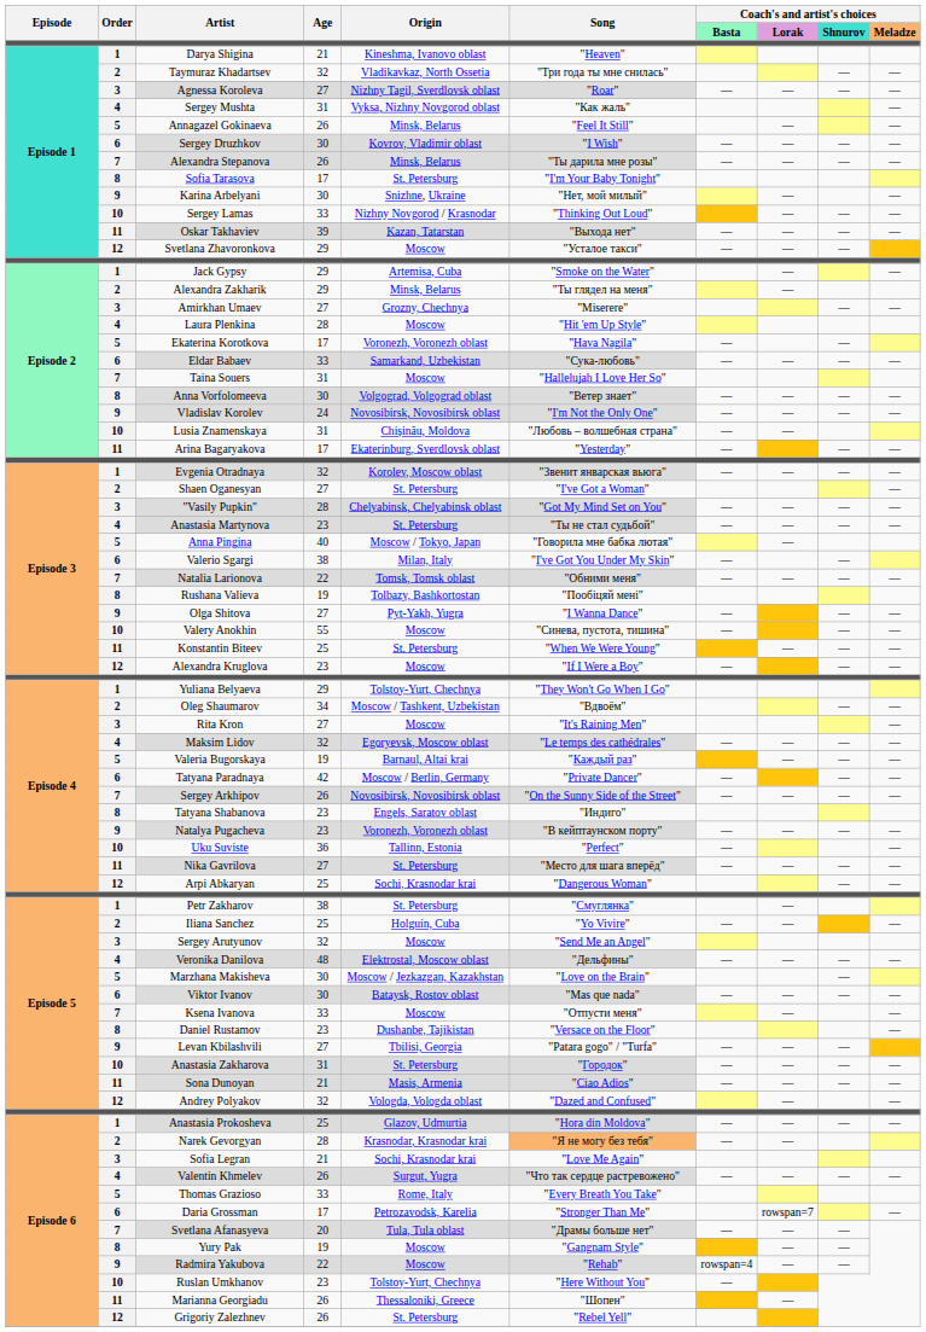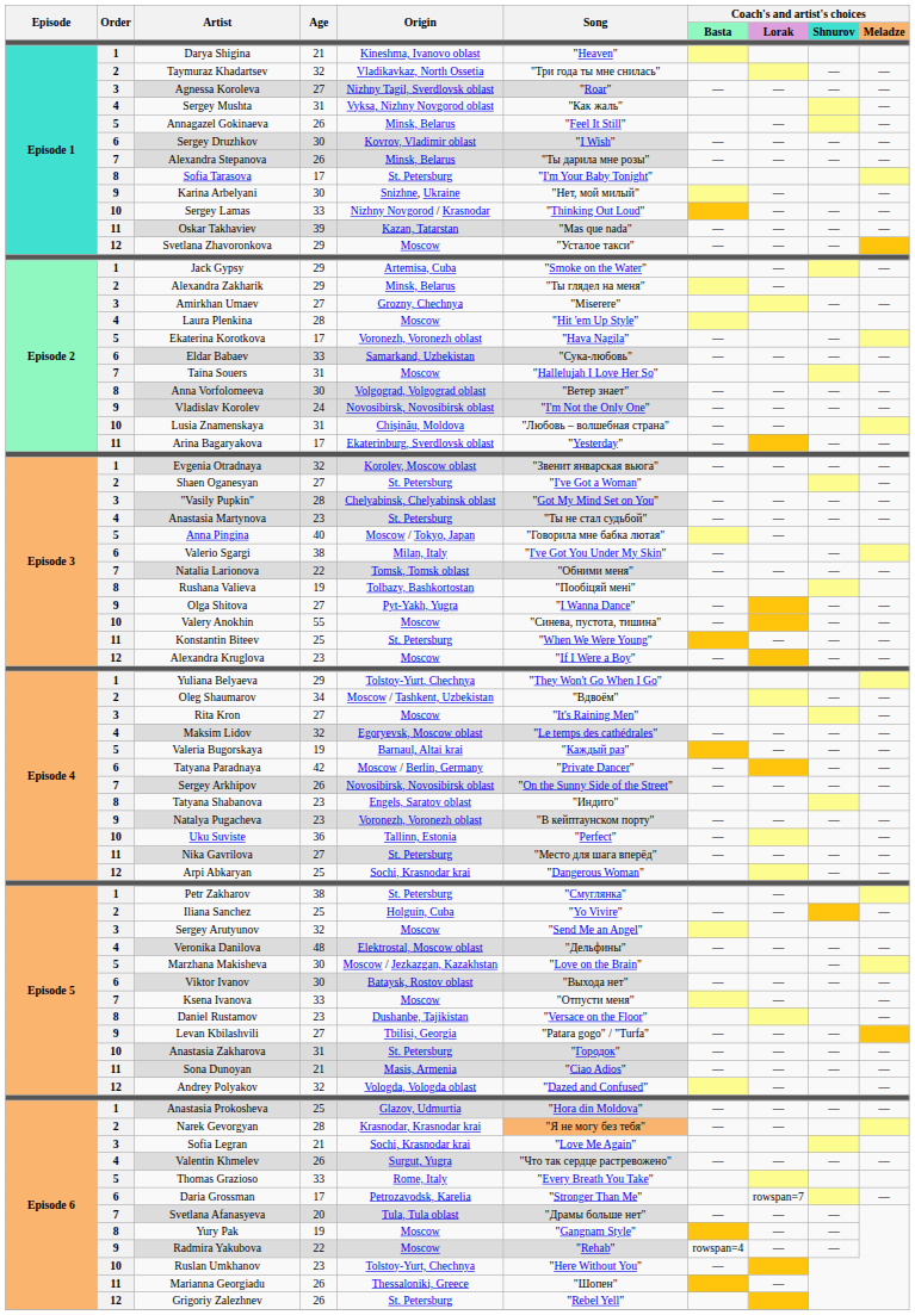 <table class="wikitable" style="text-align:center; line-height:17px; width:100%;">
 <tr>
 <th scope="col" rowspan=2 style="width:10%">Episode</th>
 <th scope="col" rowspan=2 style="width:04%;">Order</th>
 <th scope="col" rowspan=2 style="width:18%;">Artist</th>
 <th scope="col" rowspan=2 style="width:04%;">Age</th>
 <th scope="col" rowspan=2 style="width:18%;">Origin</th>
 <th scope="col" rowspan=2 style="width:20%;">Song</th>
 <th scope="col" colspan=4 style="width:24%;">Coach's and artist's choices</th>
 </tr>
 <tr>
 <th style="background:#8ff7c0;">Basta</th>
 <th style="background:#dda0dd;">Lorak</th>
 <th style="background:turquoise;">Shnurov</th>
 <th style="background:#fbb46e;">Meladze</th>
 </tr>
 <tr>
 <td colspan="10" style="background:#555"></td>
 </tr>
 <tr>
 <td rowspan="12"  style="background:turquoise;"><strong>Episode 1</strong> <br></td>
 <th>1</th>
 <td>Darya Shigina</td>
 <td>21</td>
 <td><a href='#'>Kineshma, Ivanovo oblast</a></td>
 <td>"<a href='#'>Heaven</a>"</td>
 <td style="background:#fdfc8f;"><strong></strong></td>
 <td><strong></strong></td>
 <td><strong></strong></td>
 <td><strong></strong></td>
 </tr>
 <tr>
 <th>2</th>
 <td>Taymuraz Khadartsev</td>
 <td>32</td>
 <td><a href='#'>Vladikavkaz, North Ossetia</a></td>
 <td>"Три года ты мне снилась"</td>
 <td><strong></strong></td>
 <td style="background:#fdfc8f;"><strong></strong></td>
 <td>—</td>
 <td>—</td>
 </tr>
 <tr>
 <th>3</th>
 <td style="background:#DCDCDC;">Agnessa Koroleva</td>
 <td style="background:#DCDCDC;">27</td>
 <td style="background:#DCDCDC;"><a href='#'>Nizhny Tagil, Sverdlovsk oblast</a></td>
 <td style="background:#DCDCDC;">"<a href='#'>Roar</a>"</td>
 <td>—</td>
 <td>—</td>
 <td>—</td>
 <td>—</td>
 </tr>
 <tr>
 <th>4</th>
 <td>Sergey Mushta</td>
 <td>31</td>
 <td><a href='#'>Vyksa, Nizhny Novgorod oblast</a></td>
 <td>"Как жаль"</td>
 <td><strong></strong></td>
 <td><strong></strong></td>
 <td style="background:#fdfc8f;"><strong></strong></td>
 <td>—</td>
 </tr>
 <tr>
 <th>5</th>
 <td>Annagazel Gokinaeva</td>
 <td>26</td>
 <td><a href='#'>Minsk, Belarus</a></td>
 <td>"<a href='#'>Feel It Still</a>"</td>
 <td><strong></strong></td>
 <td>—</td>
 <td style="background:#fdfc8f;"><strong></strong></td>
 <td>—</td>
 </tr>
 <tr>
 <th>6</th>
 <td style="background:#DCDCDC;">Sergey Druzhkov</td>
 <td style="background:#DCDCDC;">30</td>
 <td style="background:#DCDCDC;"><a href='#'>Kovrov, Vladimir oblast</a></td>
 <td style="background:#DCDCDC;">"<a href='#'>I Wish</a>"</td>
 <td>—</td>
 <td>—</td>
 <td>—</td>
 <td>—</td>
 </tr>
 <tr>
 <th>7</th>
 <td style="background:#DCDCDC;">Alexandra Stepanova</td>
 <td style="background:#DCDCDC;">26</td>
 <td style="background:#DCDCDC;"><a href='#'>Minsk, Belarus</a></td>
 <td style="background:#DCDCDC;">"Ты дарила мне розы"</td>
 <td>—</td>
 <td>—</td>
 <td>—</td>
 <td>—</td>
 </tr>
 <tr>
 <th>8</th>
 <td><a href='#'>Sofia Tarasova</a></td>
 <td>17</td>
 <td><a href='#'>St. Petersburg</a></td>
 <td>"<a href='#'>I'm Your Baby Tonight</a>"</td>
 <td><strong></strong></td>
 <td><strong></strong></td>
 <td><strong></strong></td>
 <td style="background:#fdfc8f;"><strong></strong></td>
 </tr>
 <tr>
 <th>9</th>
 <td>Karina Arbelyani</td>
 <td>30</td>
 <td><a href='#'>Snizhne</a>, <a href='#'>Ukraine</a></td>
 <td>"Нет, мой милый"</td>
 <td style="background:#fdfc8f;"><strong></strong></td>
 <td>—</td>
 <td><strong></strong></td>
 <td>—</td>
 </tr>
 <tr>
 <th>10</th>
 <td>Sergey Lamas</td>
 <td>33</td>
 <td><a href='#'>Nizhny Novgorod</a> / <a href='#'>Krasnodar</a></td>
 <td>"<a href='#'>Thinking Out Loud</a>"</td>
 <td style="background:#FFC40C;"><strong></strong></td>
 <td>—</td>
 <td>—</td>
 <td>—</td>
 </tr>
 <tr>
 <th>11</th>
 <td style="background:#DCDCDC;">Oskar Takhaviev</td>
 <td style="background:#DCDCDC;">39</td>
 <td style="background:#DCDCDC;"><a href='#'>Kazan, Tatarstan</a></td>
-<td style="background:#DCDCDC;">"Выхода нет"</td>
+<td style="background:#DCDCDC;">"Mas que nada"</td>
 <td>—</td>
 <td>—</td>
 <td>—</td>
 <td>—</td>
 </tr>
 <tr>
 <th>12</th>
 <td>Svetlana Zhavoronkova</td>
 <td>29</td>
 <td><a href='#'>Moscow</a></td>
 <td>"Усталое такси"</td>
 <td>—</td>
 <td>—</td>
 <td>—</td>
 <td style="background:#FFC40C;"><strong></strong></td>
 </tr>
 <tr>
 <td colspan="10" style="background:#555"></td>
 </tr>
 <tr>
 <td rowspan="11" style="background:#8ff7c0;"><strong>Episode 2</strong> <br></td>
 <th>1</th>
 <td>Jack Gypsy</td>
 <td>29</td>
 <td><a href='#'>Artemisa, Cuba</a></td>
 <td>"<a href='#'>Smoke on the Water</a>"</td>
 <td><strong></strong></td>
 <td>—</td>
 <td style="background:#fdfc8f;"><strong></strong></td>
 <td>—</td>
 </tr>
 <tr>
 <th>2</th>
 <td>Alexandra Zakharik</td>
 <td>29</td>
 <td><a href='#'>Minsk, Belarus</a></td>
 <td>"Ты глядел на меня"</td>
 <td style="background:#fdfc8f;"><strong></strong></td>
 <td>—</td>
 <td><strong></strong></td>
 <td><strong></strong></td>
 </tr>
 <tr>
 <th>3</th>
 <td>Amirkhan Umaev</td>
 <td>27</td>
 <td><a href='#'>Grozny, Chechnya</a></td>
 <td>"Miserere"</td>
 <td><strong></strong></td>
 <td style="background:#fdfc8f;"><strong></strong></td>
 <td>—</td>
 <td>—</td>
 </tr>
 <tr>
 <th>4</th>
 <td>Laura Plenkina</td>
 <td>28</td>
 <td><a href='#'>Moscow</a></td>
 <td>"<a href='#'>Hit 'em Up Style</a>"</td>
 <td style="background:#fdfc8f;"><strong></strong></td>
 <td><strong></strong></td>
 <td><strong></strong></td>
 <td><strong></strong></td>
 </tr>
 <tr>
 <th>5</th>
 <td>Ekaterina Korotkova</td>
 <td>17</td>
 <td><a href='#'>Voronezh, Voronezh oblast</a></td>
 <td>"<a href='#'>Hava Nagila</a>"</td>
 <td>—</td>
 <td><strong></strong></td>
 <td>—</td>
 <td style="background:#fdfc8f;"><strong></strong></td>
 </tr>
 <tr>
 <th>6</th>
 <td style="background:#DCDCDC;">Eldar Babaev</td>
 <td style="background:#DCDCDC;">33</td>
 <td style="background:#DCDCDC;"><a href='#'>Samarkand, Uzbekistan</a></td>
 <td style="background:#DCDCDC;">"Сука-любовь"</td>
 <td>—</td>
 <td>—</td>
 <td>—</td>
 <td>—</td>
 </tr>
 <tr>
 <th>7</th>
 <td>Taina Souers</td>
 <td>31</td>
 <td><a href='#'>Moscow</a></td>
 <td>"<a href='#'>Hallelujah I Love Her So</a>"</td>
 <td><strong></strong></td>
 <td><strong></strong></td>
 <td style="background:#fdfc8f;"><strong></strong></td>
 <td><strong></strong></td>
 </tr>
 <tr>
 <th>8</th>
 <td style="background:#DCDCDC;">Anna Vorfolomeeva</td>
 <td style="background:#DCDCDC;">30</td>
 <td style="background:#DCDCDC;"><a href='#'>Volgograd, Volgograd oblast</a></td>
 <td style="background:#DCDCDC;">"Ветер знает"</td>
 <td>—</td>
 <td>—</td>
 <td>—</td>
 <td>—</td>
 </tr>
 <tr>
 <th>9</th>
 <td style="background:#DCDCDC;">Vladislav Korolev</td>
 <td style="background:#DCDCDC;">24</td>
 <td style="background:#DCDCDC;"><a href='#'>Novosibirsk, Novosibirsk oblast</a></td>
 <td style="background:#DCDCDC;">"<a href='#'>I'm Not the Only One</a>"</td>
 <td>—</td>
 <td>—</td>
 <td>—</td>
 <td>—</td>
 </tr>
 <tr>
 <th>10</th>
 <td>Lusia Znamenskaya</td>
 <td>31</td>
 <td><a href='#'>Chișinău, Moldova</a></td>
 <td>"Любовь – волшебная страна"</td>
 <td>—</td>
 <td>—</td>
 <td><strong></strong></td>
 <td style="background:#fdfc8f;"><strong></strong></td>
 </tr>
 <tr>
 <th>11</th>
 <td>Arina Bagaryakova</td>
 <td>17</td>
 <td><a href='#'>Ekaterinburg, Sverdlovsk oblast</a></td>
 <td>"<a href='#'>Yesterday</a>"</td>
 <td>—</td>
 <td style="background:#FFC40C;"><strong></strong></td>
 <td>—</td>
 <td>—</td>
 </tr>
 <tr>
 <td colspan="10" style="background:#555"></td>
 </tr>
 <tr>
 <td rowspan="12" style="background:#fbb46e;"><strong>Episode 3</strong> <br></td>
 <th>1</th>
 <td style="background:#DCDCDC;">Evgenia Otradnaya</td>
 <td style="background:#DCDCDC;">32</td>
 <td style="background:#DCDCDC;"><a href='#'>Korolev, Moscow oblast</a></td>
 <td style="background:#DCDCDC;">"Звенит январская вьюга"</td>
 <td>—</td>
 <td>—</td>
 <td>—</td>
 <td>—</td>
 </tr>
 <tr>
 <th>2</th>
 <td>Shaen Oganesyan</td>
 <td>27</td>
 <td><a href='#'>St. Petersburg</a></td>
 <td>"<a href='#'>I've Got a Woman</a>"</td>
 <td><strong></strong></td>
 <td><strong></strong></td>
 <td style="background:#fdfc8f;"><strong></strong></td>
 <td>—</td>
 </tr>
 <tr>
 <th>3</th>
 <td style="background:#DCDCDC;">"Vasily Pupkin"</td>
 <td style="background:#DCDCDC;">28</td>
 <td style="background:#DCDCDC;"><a href='#'>Chelyabinsk, Chelyabinsk oblast</a></td>
 <td style="background:#DCDCDC;">"<a href='#'>Got My Mind Set on You</a>"</td>
 <td>—</td>
 <td>—</td>
 <td>—</td>
 <td>—</td>
 </tr>
 <tr>
 <th>4</th>
 <td style="background:#DCDCDC;">Anastasia Martynova</td>
 <td style="background:#DCDCDC;">23</td>
 <td style="background:#DCDCDC;"><a href='#'>St. Petersburg</a></td>
 <td style="background:#DCDCDC;">"Ты не стал судьбой"</td>
 <td>—</td>
 <td>—</td>
 <td>—</td>
 <td>—</td>
 </tr>
 <tr>
 <th>5</th>
 <td><a href='#'>Anna Pingina</a></td>
 <td>40</td>
 <td><a href='#'>Moscow</a> / <a href='#'>Tokyo, Japan</a></td>
 <td>"Говорила мне бабка лютая"</td>
 <td style="background:#fdfc8f;"><strong></strong></td>
 <td>—</td>
 <td><strong></strong></td>
 <td><strong></strong></td>
 </tr>
 <tr>
 <th>6</th>
 <td>Valerio Sgargi</td>
 <td>38</td>
 <td><a href='#'>Milan, Italy</a></td>
 <td>"<a href='#'>I've Got You Under My Skin</a>"</td>
 <td>—</td>
 <td><strong></strong></td>
 <td>—</td>
 <td style="background:#fdfc8f;"><strong></strong></td>
 </tr>
 <tr>
 <th>7</th>
 <td style="background:#DCDCDC;">Natalia Larionova</td>
 <td style="background:#DCDCDC;">22</td>
 <td style="background:#DCDCDC;"><a href='#'>Tomsk, Tomsk oblast</a></td>
 <td style="background:#DCDCDC;">"Обними меня"</td>
 <td>—</td>
 <td>—</td>
 <td>—</td>
 <td>—</td>
 </tr>
 <tr>
 <th>8</th>
 <td>Rushana Valieva</td>
 <td>19</td>
 <td><a href='#'>Tolbazy, Bashkortostan</a></td>
 <td>"Пообiцяй менi"</td>
 <td><strong></strong></td>
 <td><strong></strong></td>
 <td style="background:#fdfc8f;"><strong></strong></td>
 <td><strong></strong></td>
 </tr>
 <tr>
 <th>9</th>
 <td>Olga Shitova</td>
 <td>27</td>
 <td><a href='#'>Pyt-Yakh, Yugra</a></td>
 <td>"<a href='#'>I Wanna Dance</a>"</td>
 <td>—</td>
 <td style="background:#FFC40C;"><strong></strong></td>
 <td>—</td>
 <td>—</td>
 </tr>
 <tr>
 <th>10</th>
 <td>Valery Anokhin</td>
 <td>55</td>
 <td><a href='#'>Moscow</a></td>
 <td>"Синева, пустота, тишина"</td>
 <td>—</td>
 <td style="background:#FFC40C;"><strong></strong></td>
 <td>—</td>
 <td>—</td>
 </tr>
 <tr>
 <th>11</th>
 <td>Konstantin Biteev</td>
 <td>25</td>
 <td><a href='#'>St. Petersburg</a></td>
 <td>"<a href='#'>When We Were Young</a>"</td>
 <td style="background:#FFC40C;"><strong></strong></td>
 <td>—</td>
 <td>—</td>
 <td>—</td>
 </tr>
 <tr>
 <th>12</th>
 <td>Alexandra Kruglova</td>
 <td>23</td>
 <td><a href='#'>Moscow</a></td>
 <td>"<a href='#'>If I Were a Boy</a>"</td>
 <td>—</td>
 <td style="background:#FFC40C;"><strong></strong></td>
 <td>—</td>
 <td>—</td>
 </tr>
 <tr>
 <td colspan="10" style="background:#555"></td>
 </tr>
 <tr>
 <td rowspan="12" style="background:#fbb46e;"><strong>Episode 4</strong> <br></td>
 <th>1</th>
 <td>Yuliana Belyaeva</td>
 <td>29</td>
 <td><a href='#'>Tolstoy-Yurt, Chechnya</a></td>
 <td>"<a href='#'>They Won't Go When I Go</a>"</td>
 <td><strong></strong></td>
 <td><strong></strong></td>
 <td><strong></strong></td>
 <td style="background:#fdfc8f;"><strong></strong></td>
 </tr>
 <tr>
 <th>2</th>
 <td>Oleg Shaumarov</td>
 <td>34</td>
 <td><a href='#'>Moscow</a> / <a href='#'>Tashkent, Uzbekistan</a></td>
 <td>"Вдвоём"</td>
 <td><strong></strong></td>
 <td style="background:#fdfc8f;"><strong></strong></td>
 <td>—</td>
 <td>—</td>
 </tr>
 <tr>
 <th>3</th>
 <td>Rita Kron</td>
 <td>27</td>
 <td><a href='#'>Moscow</a></td>
 <td>"<a href='#'>It's Raining Men</a>"</td>
 <td><strong></strong></td>
 <td><strong></strong></td>
 <td style="background:#fdfc8f;"><strong></strong></td>
 <td>—</td>
 </tr>
 <tr>
 <th>4</th>
 <td style="background:#DCDCDC;">Maksim Lidov</td>
 <td style="background:#DCDCDC;">32</td>
 <td style="background:#DCDCDC;"><a href='#'>Egoryevsk, Moscow oblast</a></td>
 <td style="background:#DCDCDC;">"<a href='#'>Le temps des cathédrales</a>"</td>
 <td>—</td>
 <td>—</td>
 <td>—</td>
 <td>—</td>
 </tr>
 <tr>
 <th>5</th>
 <td>Valeria Bugorskaya</td>
 <td>19</td>
 <td><a href='#'>Barnaul, Altai krai</a></td>
 <td>"<a href='#'>Каждый раз</a>"</td>
 <td style="background:#FFC40C;"><strong></strong></td>
 <td>—</td>
 <td>—</td>
 <td>—</td>
 </tr>
 <tr>
 <th>6</th>
 <td>Tatyana Paradnaya</td>
 <td>42</td>
 <td><a href='#'>Moscow</a> / <a href='#'>Berlin, Germany</a></td>
 <td>"<a href='#'>Private Dancer</a>"</td>
 <td>—</td>
 <td style="background:#FFC40C;"><strong></strong></td>
 <td>—</td>
 <td>—</td>
 </tr>
 <tr>
 <th>7</th>
 <td style="background:#DCDCDC;">Sergey Arkhipov</td>
 <td style="background:#DCDCDC;">26</td>
 <td style="background:#DCDCDC;"><a href='#'>Novosibirsk, Novosibirsk oblast</a></td>
 <td style="background:#DCDCDC;">"<a href='#'>On the Sunny Side of the Street</a>"</td>
 <td>—</td>
 <td>—</td>
 <td>—</td>
 <td>—</td>
 </tr>
 <tr>
 <th>8</th>
 <td>Tatyana Shabanova</td>
 <td>23</td>
 <td><a href='#'>Engels, Saratov oblast</a></td>
 <td>"Индиго"</td>
 <td><strong></strong></td>
 <td><strong></strong></td>
 <td style="background:#fdfc8f;"><strong></strong></td>
 <td><strong></strong></td>
 </tr>
 <tr>
 <th>9</th>
 <td style="background:#DCDCDC;">Natalya Pugacheva</td>
 <td style="background:#DCDCDC;">23</td>
 <td style="background:#DCDCDC;"><a href='#'>Voronezh, Voronezh oblast</a></td>
 <td style="background:#DCDCDC;">"В кейптаунском порту"</td>
 <td>—</td>
 <td>—</td>
 <td>—</td>
 <td>—</td>
 </tr>
 <tr>
 <th>10</th>
 <td><a href='#'>Uku Suviste</a></td>
 <td>36</td>
 <td><a href='#'>Tallinn, Estonia</a></td>
 <td>"<a href='#'>Perfect</a>"</td>
 <td>—</td>
 <td style="background:#fdfc8f;"><strong></strong></td>
 <td><strong></strong></td>
 <td>—</td>
 </tr>
 <tr>
 <th>11</th>
 <td style="background:#DCDCDC;">Nika Gavrilova</td>
 <td style="background:#DCDCDC;">27</td>
 <td style="background:#DCDCDC;"><a href='#'>St. Petersburg</a></td>
 <td style="background:#DCDCDC;">"Место для шага вперёд"</td>
 <td>—</td>
 <td>—</td>
 <td>—</td>
 <td>—</td>
 </tr>
 <tr>
 <th>12</th>
 <td>Arpi Abkaryan</td>
 <td>25</td>
 <td><a href='#'>Sochi, Krasnodar krai</a></td>
 <td>"<a href='#'>Dangerous Woman</a>"</td>
 <td><strong></strong></td>
 <td style="background:#fdfc8f;"><strong></strong></td>
 <td>—</td>
 <td>—</td>
 </tr>
 <tr>
 <td colspan="10" style="background:#555"></td>
 </tr>
 <tr>
 <td rowspan="12" style="background:#fbb46e;"><strong>Episode 5</strong> <br></td>
 <th>1</th>
 <td>Petr Zakharov</td>
 <td>38</td>
 <td><a href='#'>St. Petersburg</a></td>
 <td>"<a href='#'>Смуглянка</a>"</td>
 <td><strong></strong></td>
 <td>—</td>
 <td><strong></strong></td>
 <td style="background:#fdfc8f;"><strong></strong></td>
 </tr>
 <tr>
 <th>2</th>
 <td>Iliana Sanchez</td>
 <td>25</td>
 <td><a href='#'>Holguín, Cuba</a></td>
 <td>"<a href='#'>Yo Vivire</a>"</td>
 <td>—</td>
 <td>—</td>
 <td style="background:#FFC40C;"><strong></strong></td>
 <td>—</td>
 </tr>
 <tr>
 <th>3</th>
 <td>Sergey Arutyunov</td>
 <td>32</td>
 <td><a href='#'>Moscow</a></td>
 <td>"<a href='#'>Send Me an Angel</a>"</td>
 <td style="background:#fdfc8f;"><strong></strong></td>
 <td><strong></strong></td>
 <td><strong></strong></td>
 <td><strong></strong></td>
 </tr>
 <tr>
 <th>4</th>
 <td style="background:#DCDCDC;">Veronika Danilova</td>
 <td style="background:#DCDCDC;">48</td>
 <td style="background:#DCDCDC;"><a href='#'>Elektrostal, Moscow oblast</a></td>
 <td style="background:#DCDCDC;">"Дельфины"</td>
 <td>—</td>
 <td>—</td>
 <td>—</td>
 <td>—</td>
 </tr>
 <tr>
 <th>5</th>
 <td>Marzhana Makisheva</td>
 <td>30</td>
 <td><a href='#'>Moscow</a> / <a href='#'>Jezkazgan, Kazakhstan</a></td>
 <td>"<a href='#'>Love on the Brain</a>"</td>
 <td><strong></strong></td>
 <td><strong></strong></td>
 <td>—</td>
 <td style="background:#fdfc8f;"><strong></strong></td>
 </tr>
 <tr>
 <th>6</th>
 <td style="background:#DCDCDC;">Viktor Ivanov</td>
 <td style="background:#DCDCDC;">30</td>
 <td style="background:#DCDCDC;"><a href='#'>Bataysk, Rostov oblast</a></td>
-<td style="background:#DCDCDC;">"Mas que nada"</td>
+<td style="background:#DCDCDC;">"Выхода нет"</td>
 <td>—</td>
 <td>—</td>
 <td>—</td>
 <td>—</td>
 </tr>
 <tr>
 <th>7</th>
 <td>Ksena Ivanova</td>
 <td>33</td>
 <td><a href='#'>Moscow</a></td>
 <td>"Отпусти меня"</td>
 <td style="background:#fdfc8f;"><strong></strong></td>
 <td>—</td>
 <td><strong></strong></td>
 <td>—</td>
 </tr>
 <tr>
 <th>8</th>
 <td>Daniel Rustamov</td>
 <td>23</td>
 <td><a href='#'>Dushanbe, Tajikistan</a></td>
 <td>"<a href='#'>Versace on the Floor</a>"</td>
 <td><strong></strong></td>
 <td style="background:#fdfc8f;"><strong></strong></td>
 <td><strong></strong></td>
 <td>—</td>
 </tr>
 <tr>
 <th>9</th>
 <td>Levan Kbilashvili</td>
 <td>27</td>
 <td><a href='#'>Tbilisi, Georgia</a></td>
 <td>"Patara gogo" / "Turfa"</td>
 <td>—</td>
 <td>—</td>
 <td>—</td>
 <td style="background:#FFC40C;"><strong></strong></td>
 </tr>
 <tr>
 <th>10</th>
 <td style="background:#DCDCDC;">Anastasia Zakharova</td>
 <td style="background:#DCDCDC;">31</td>
 <td style="background:#DCDCDC;"><a href='#'>St. Petersburg</a></td>
 <td style="background:#DCDCDC;">"<a href='#'>Городок</a>"</td>
 <td>—</td>
 <td>—</td>
 <td>—</td>
 <td>—</td>
 </tr>
 <tr>
 <th>11</th>
 <td style="background:#DCDCDC;">Sona Dunoyan</td>
 <td style="background:#DCDCDC;">21</td>
 <td style="background:#DCDCDC;"><a href='#'>Masis, Armenia</a></td>
 <td style="background:#DCDCDC;">"<a href='#'>Ciao Adios</a>"</td>
 <td>—</td>
 <td>—</td>
 <td>—</td>
 <td>—</td>
 </tr>
 <tr>
 <th>12</th>
 <td>Andrey Polyakov</td>
 <td>32</td>
 <td><a href='#'>Vologda, Vologda oblast</a></td>
 <td>"<a href='#'>Dazed and Confused</a>"</td>
 <td style="background:#fdfc8f;"><strong></strong></td>
 <td>—</td>
 <td><strong></strong></td>
 <td>—</td>
 </tr>
 <tr>
 <td colspan="10" style="background:#555"></td>
 </tr>
 <tr>
 <td rowspan="12" style="background:#fbb46e;"><strong>Episode 6</strong> <br></td>
 <th>1</th>
 <td style="background:#DCDCDC;">Anastasia Prokosheva</td>
 <td style="background:#DCDCDC;">25</td>
 <td style="background:#DCDCDC;"><a href='#'>Glazov, Udmurtia</a></td>
 <td style="background:#DCDCDC;">"<a href='#'>Hora din Moldova</a>"</td>
 <td>—</td>
 <td>—</td>
 <td>—</td>
 <td>—</td>
 </tr>
 <tr>
 <th>2</th>
 <td>Narek Gevorgyan</td>
 <td>28</td>
 <td><a href='#'>Krasnodar, Krasnodar krai</a></td>
 <td style="background:#fbb46e;">"Я не могу без тебя"</td>
 <td>—</td>
 <td>—</td>
 <td><strong></strong></td>
 <td style="background:#fdfc8f;"><strong></strong></td>
 </tr>
 <tr>
 <th>3</th>
 <td>Sofia Legran</td>
 <td>21</td>
 <td><a href='#'>Sochi, Krasnodar krai</a></td>
 <td>"<a href='#'>Love Me Again</a>"</td>
 <td><strong></strong></td>
 <td><strong></strong></td>
 <td style="background:#fdfc8f;"><strong></strong></td>
 <td><strong></strong></td>
 </tr>
 <tr>
 <th>4</th>
 <td style="background:#DCDCDC;">Valentin Khmelev</td>
 <td style="background:#DCDCDC;">26</td>
 <td style="background:#DCDCDC;"><a href='#'>Surgut, Yugra</a></td>
 <td style="background:#DCDCDC;">"Что так сердце растревожено"</td>
 <td>—</td>
 <td>—</td>
 <td>—</td>
 <td>—</td>
 </tr>
 <tr>
 <th>5</th>
 <td>Thomas Grazioso</td>
 <td>33</td>
 <td><a href='#'>Rome, Italy</a></td>
 <td>"<a href='#'>Every Breath You Take</a>"</td>
 <td><strong></strong></td>
 <td style="background:#fdfc8f;"><strong></strong></td>
 <td><strong></strong></td>
 <td><strong></strong></td>
 </tr>
 <tr>
 <th>6</th>
 <td>Daria Grossman</td>
 <td>17</td>
 <td><a href='#'>Petrozavodsk, Karelia</a></td>
 <td>"<a href='#'>Stronger Than Me</a>"</td>
 <td><strong></strong></td>
 <td>rowspan=7 </td>
 <td style="background:#fdfc8f;"><strong></strong></td>
 <td>—</td>
 </tr>
 <tr>
 <th>7</th>
 <td style="background:#DCDCDC;">Svetlana Afanasyeva</td>
 <td style="background:#DCDCDC;">20</td>
 <td style="background:#DCDCDC;"><a href='#'>Tula, Tula oblast</a></td>
 <td style="background:#DCDCDC;">"Драмы больше нет"</td>
 <td>—</td>
 <td>—</td>
 <td>—</td>
 </tr>
 <tr>
 <th>8</th>
 <td>Yury Pak</td>
 <td>19</td>
 <td><a href='#'>Moscow</a></td>
 <td>"<a href='#'>Gangnam Style</a>"</td>
 <td style="background:#FFC40C;"><strong></strong></td>
 <td>—</td>
 <td>—</td>
 </tr>
 <tr>
 <th>9</th>
 <td style="background:#DCDCDC;">Radmira Yakubova</td>
 <td style="background:#DCDCDC;">22</td>
 <td style="background:#DCDCDC;"><a href='#'>Moscow</a></td>
 <td style="background:#DCDCDC;">"<a href='#'>Rehab</a>"</td>
 <td>rowspan=4 </td>
 <td>—</td>
 <td>—</td>
 </tr>
 <tr>
 <th>10</th>
 <td>Ruslan Umkhanov</td>
 <td>23</td>
 <td><a href='#'>Tolstoy-Yurt, Chechnya</a></td>
 <td>"<a href='#'>Here Without You</a>"</td>
 <td>—</td>
 <td style="background:#FFC40C;"><strong></strong></td>
 </tr>
 <tr>
 <th>11</th>
 <td>Marianna Georgiadu</td>
 <td>26</td>
 <td><a href='#'>Thessaloniki, Greece</a></td>
 <td>"Шопен"</td>
 <td style="background:#FFC40C;"><strong></strong></td>
 <td>—</td>
 </tr>
 <tr>
 <th>12</th>
 <td>Grigoriy Zalezhnev</td>
 <td>26</td>
 <td><a href='#'>St. Petersburg</a></td>
 <td>"<a href='#'>Rebel Yell</a>"</td>
 <td></td>
 <td style="background:#FFC40C;"><strong></strong></td>
 </tr>
 <tr>
 </tr>
 </table>
